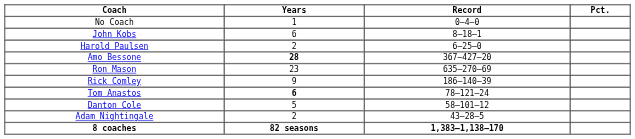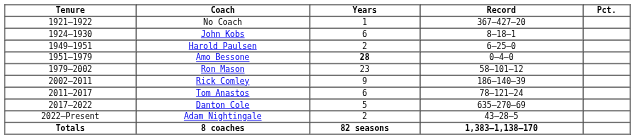 <table cellpadding="1" border="1" cellspacing="0" width="80%">
 <tr>
+<th>Tenure</th>
 <th>Coach</th>
 <th>Years</th>
 <th>Record</th>
 <th>Pct.</th>
 </tr>
 <tr align="center">
+<td>1921–1922</td>
 <td>No Coach</td>
 <td>1</td>
-<td>0–4–0</td>
+<td>367–427–20</td>
 <td></td>
 </tr>
 <tr align="center">
+<td>1924–1930</td>
 <td><a href='#'>John Kobs</a></td>
 <td>6</td>
 <td>8–18–1</td>
 <td></td>
 </tr>
 <tr align="center">
+<td>1949–1951</td>
 <td><a href='#'>Harold Paulsen</a></td>
 <td>2</td>
 <td>6–25–0</td>
 <td></td>
 </tr>
 <tr align="center">
+<td>1951–1979</td>
 <td><a href='#'>Amo Bessone</a></td>
 <td><strong>28</strong></td>
-<td>367–427–20</td>
+<td>0–4–0</td>
 <td></td>
 </tr>
 <tr align="center">
+<td>1979–2002</td>
 <td><a href='#'>Ron Mason</a></td>
 <td>23</td>
-<td>635–270–69</td>
+<td>58–101–12</td>
 <td></td>
 </tr>
 <tr align="center">
+<td>2002–2011</td>
 <td><a href='#'>Rick Comley</a></td>
 <td>9</td>
 <td>186–140–39</td>
 <td></td>
 </tr>
 <tr align="center">
+<td>2011–2017</td>
 <td><a href='#'>Tom Anastos</a></td>
-<td><strong>6</strong></td>
+<td>6</td>
 <td>78–121–24</td>
 <td></td>
 </tr>
 <tr align="center">
+<td>2017–2022</td>
 <td><a href='#'>Danton Cole</a></td>
 <td>5</td>
-<td>58–101–12</td>
+<td>635–270–69</td>
 <td></td>
 </tr>
 <tr align="center">
+<td>2022–Present</td>
 <td><a href='#'>Adam Nightingale</a></td>
 <td>2</td>
 <td>43–28–5</td>
 <td></td>
 </tr>
 <tr align=center>
+<th>Totals</th>
 <th>8 coaches</th>
 <th>82 seasons</th>
 <th>1,383–1,138–170</th>
 <th></th>
 </tr>
 </table>
